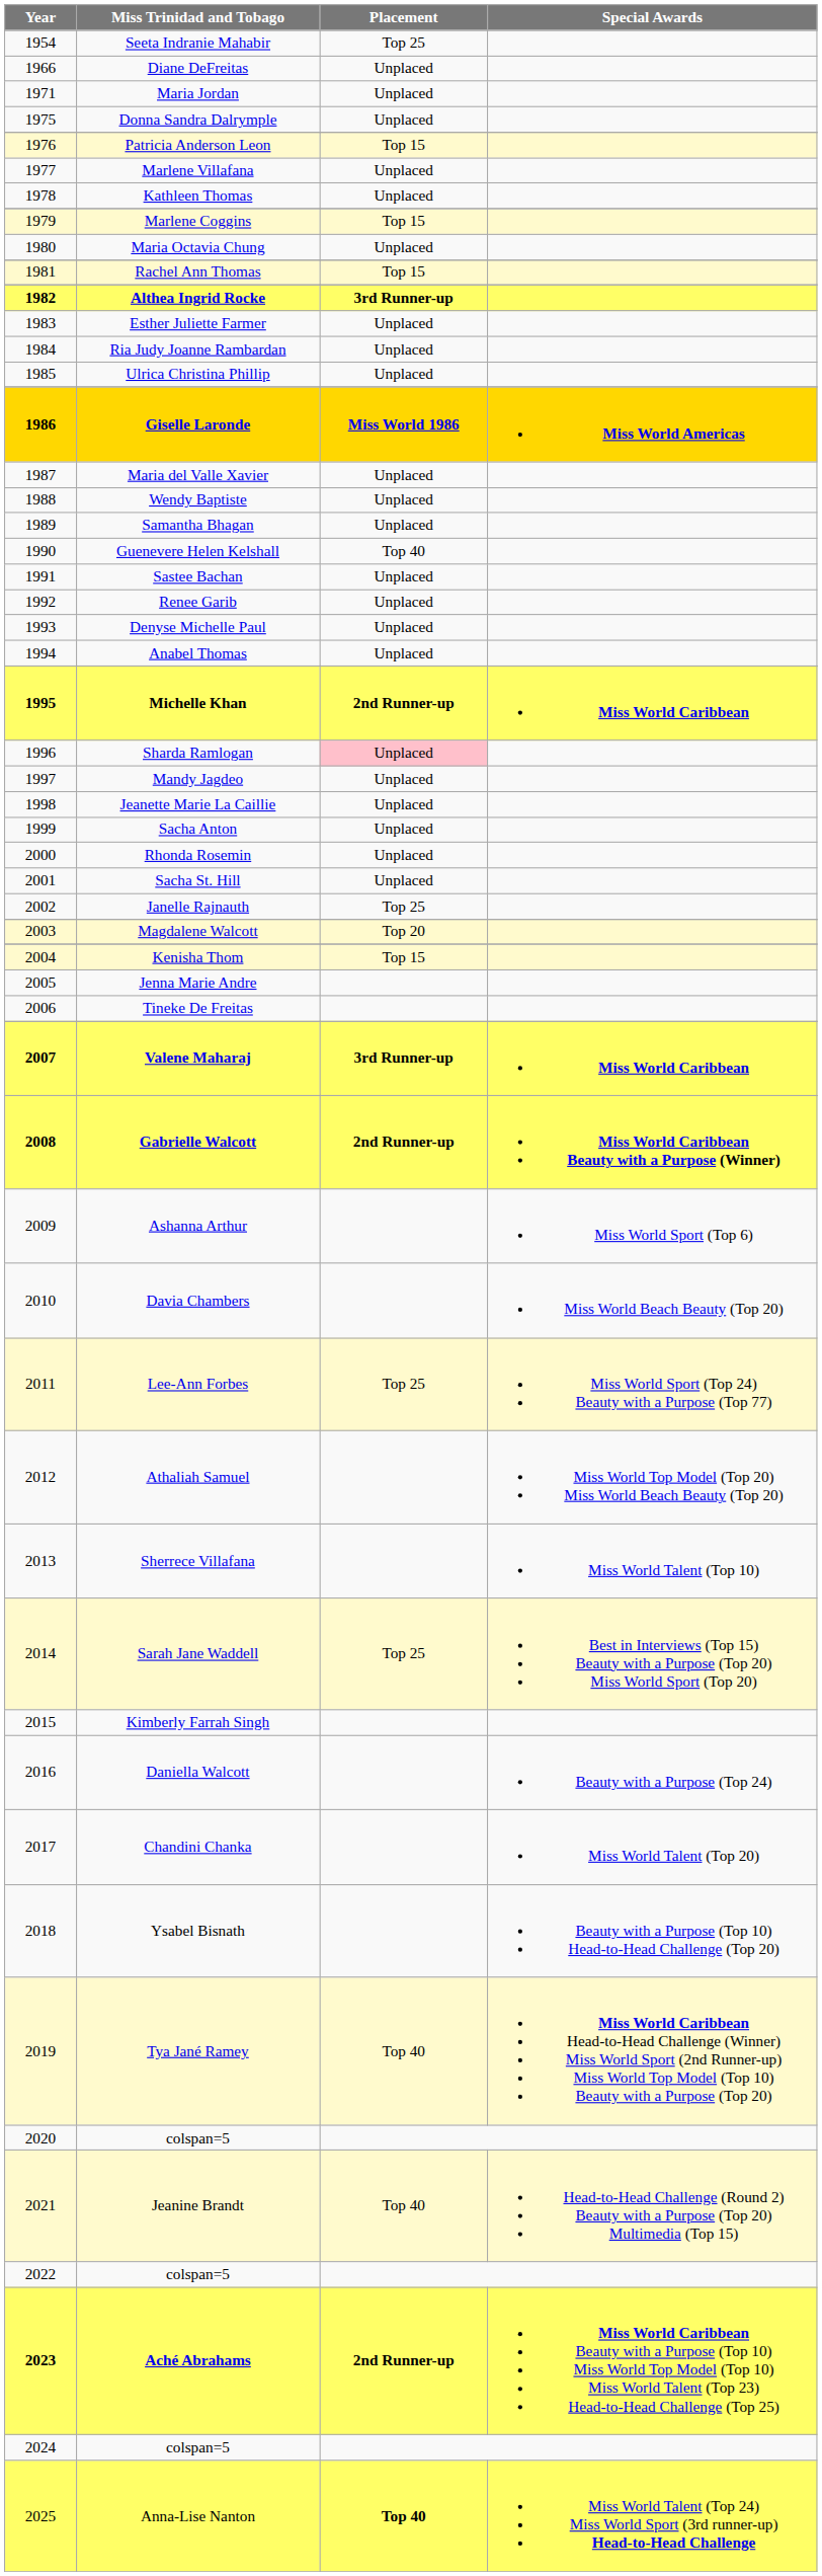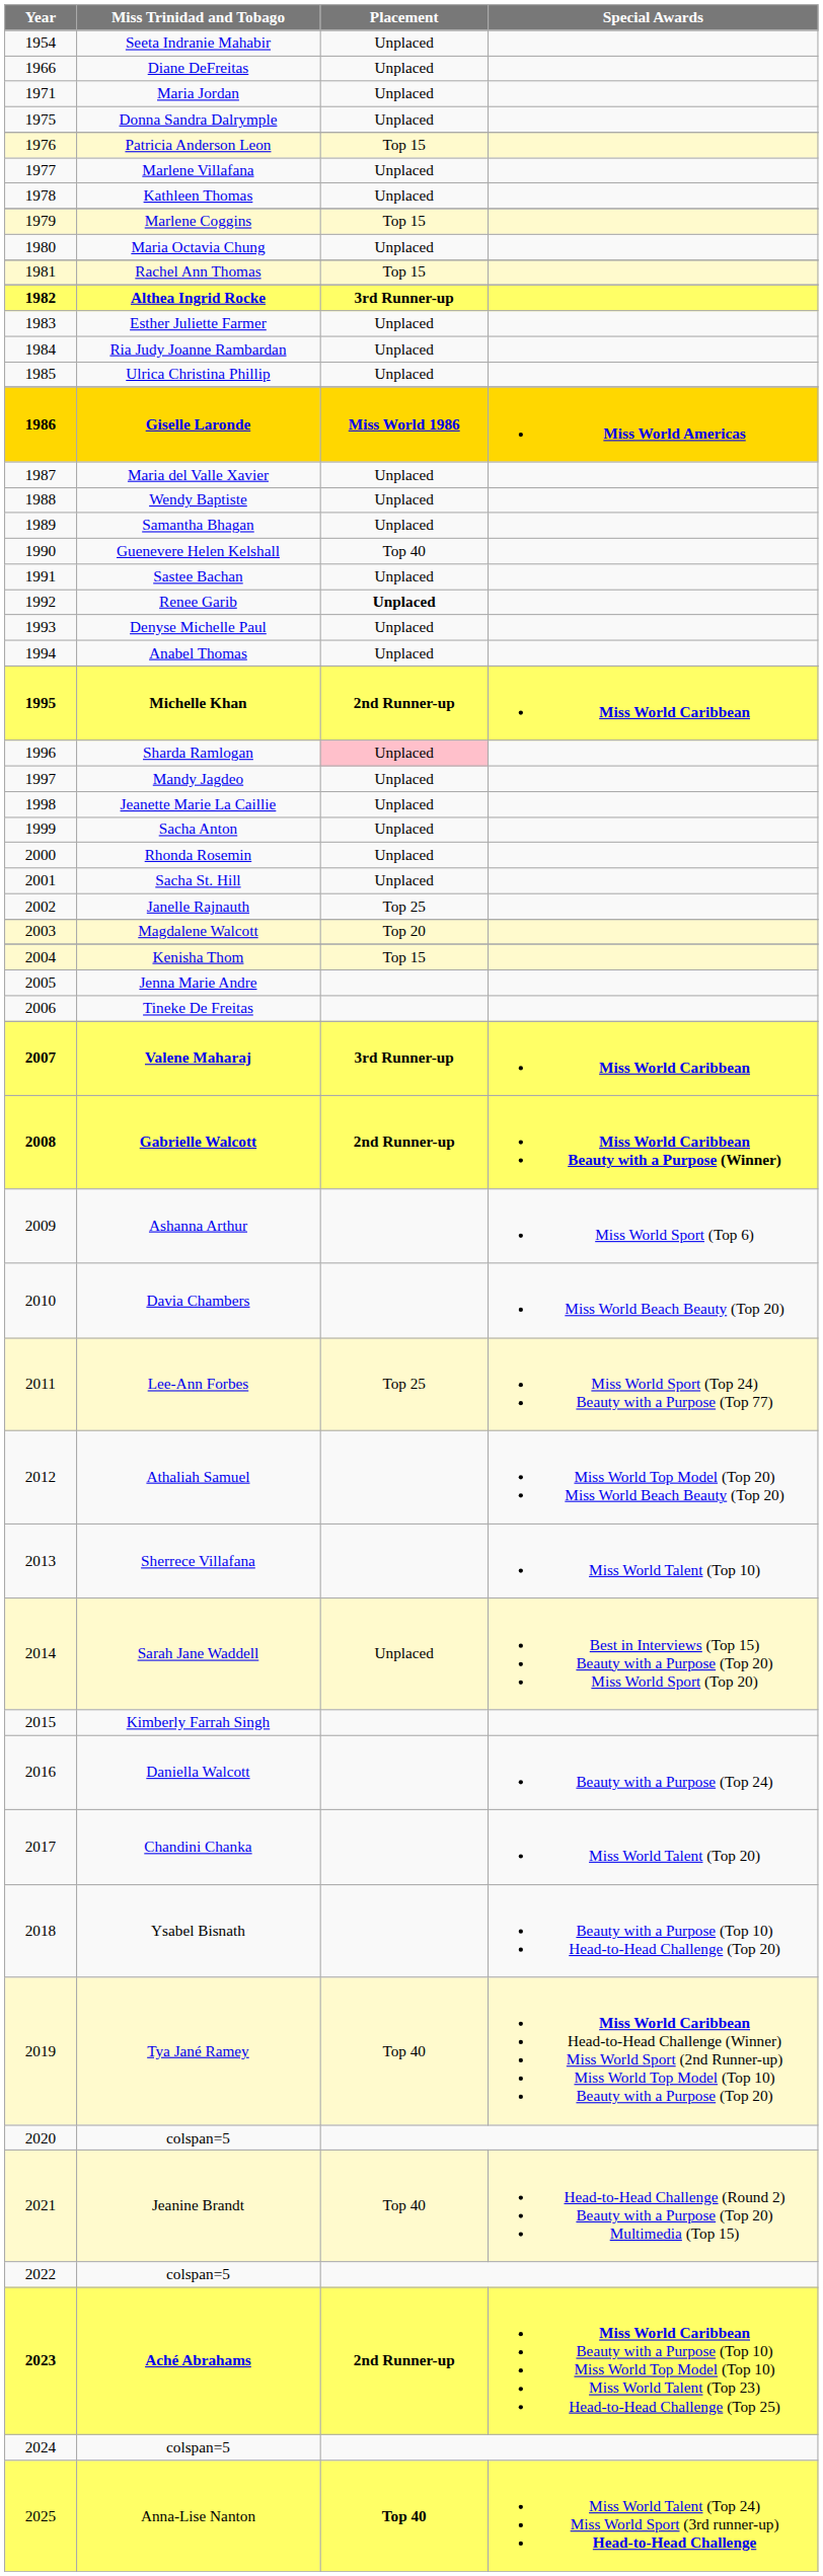 <table class="wikitable sortable" style="font-size: 90%; text-align:center">
 <tr>
 <th width="60" style="background-color:#787878;color:#FFFFFF;">Year</th>
 <th width="220" style="background-color:#787878;color:#FFFFFF;">Miss Trinidad and Tobago</th>
 <th width="150" style="background-color:#787878;color:#FFFFFF;">Placement</th>
 <th width="300" style="background-color:#787878;color:#FFFFFF;">Special Awards</th>
 </tr>
 <tr>
 </tr>
 <tr style="background-color:##C0C0C0">
 <td>1954</td>
 <td><a href='#'>Seeta Indranie Mahabir</a></td>
-<td>Top 25</td>
+<td>Unplaced</td>
 <td></td>
 </tr>
 <tr>
 <td>1966</td>
 <td><a href='#'>Diane DeFreitas</a></td>
 <td>Unplaced</td>
 <td></td>
 </tr>
 <tr>
 <td>1971</td>
 <td><a href='#'>Maria Jordan</a></td>
 <td>Unplaced</td>
 <td></td>
 </tr>
 <tr>
 <td>1975</td>
 <td><a href='#'>Donna Sandra Dalrymple</a></td>
 <td>Unplaced</td>
 <td></td>
 </tr>
 <tr>
 </tr>
 <tr style="background-color:#FFFACD">
 <td>1976</td>
 <td><a href='#'>Patricia Anderson Leon</a></td>
 <td>Top 15</td>
 <td></td>
 </tr>
 <tr>
 <td>1977</td>
 <td><a href='#'>Marlene Villafana</a></td>
 <td>Unplaced</td>
 <td></td>
 </tr>
 <tr>
 <td>1978</td>
 <td><a href='#'>Kathleen Thomas</a></td>
 <td>Unplaced</td>
 <td></td>
 </tr>
 <tr>
 </tr>
 <tr style="background-color:#FFFACD">
 <td>1979</td>
 <td><a href='#'>Marlene Coggins</a></td>
 <td>Top 15</td>
 <td></td>
 </tr>
 <tr>
 <td>1980</td>
 <td><a href='#'>Maria Octavia Chung</a></td>
 <td>Unplaced</td>
 <td></td>
 </tr>
 <tr>
 </tr>
 <tr style="background-color:#FFFACD">
 <td>1981</td>
 <td><a href='#'>Rachel Ann Thomas</a></td>
 <td>Top 15</td>
 <td></td>
 </tr>
 <tr>
 </tr>
 <tr style="background-color:#FFFF66">
 <td><strong>1982</strong></td>
 <td><strong><a href='#'>Althea Ingrid Rocke</a></strong></td>
 <td><strong>3rd Runner-up</strong></td>
 <td></td>
 </tr>
 <tr>
 <td>1983</td>
 <td><a href='#'>Esther Juliette Farmer</a></td>
 <td>Unplaced</td>
 <td></td>
 </tr>
 <tr>
 <td>1984</td>
 <td><a href='#'>Ria Judy Joanne Rambardan</a></td>
 <td>Unplaced</td>
 <td></td>
 </tr>
 <tr>
 <td>1985</td>
 <td><a href='#'>Ulrica Christina Phillip</a></td>
 <td>Unplaced</td>
 <td></td>
 </tr>
 <tr>
 </tr>
 <tr style="background-color:Gold; font-weight: bold">
 <td>1986</td>
 <td><a href='#'>Giselle Laronde</a></td>
 <td><a href='#'>Miss World 1986</a></td>
 <td><br><ul><li><a href='#'>Miss World Americas</a></li></ul></td>
 </tr>
 <tr>
 <td>1987</td>
 <td><a href='#'>Maria del Valle Xavier</a></td>
 <td>Unplaced</td>
 <td></td>
 </tr>
 <tr>
 <td>1988</td>
 <td><a href='#'>Wendy Baptiste</a></td>
 <td>Unplaced</td>
 <td></td>
 </tr>
 <tr>
 <td>1989</td>
 <td><a href='#'>Samantha Bhagan</a></td>
 <td>Unplaced</td>
 <td></td>
 </tr>
 <tr>
 <td>1990</td>
 <td><a href='#'>Guenevere Helen Kelshall</a></td>
 <td>Top 40</td>
 <td></td>
 </tr>
 <tr>
 <td>1991</td>
 <td><a href='#'>Sastee Bachan</a></td>
 <td>Unplaced</td>
 <td></td>
 </tr>
 <tr>
 <td>1992</td>
 <td><a href='#'>Renee Garib</a></td>
-<td>Unplaced</td>
+<td><strong>Unplaced</strong></td>
 <td></td>
 </tr>
 <tr>
 <td>1993</td>
 <td><a href='#'>Denyse Michelle Paul</a></td>
 <td>Unplaced</td>
 <td></td>
 </tr>
 <tr>
 <td>1994</td>
 <td><a href='#'>Anabel Thomas</a></td>
 <td>Unplaced</td>
 <td></td>
 </tr>
 <tr>
 </tr>
 <tr style="background-color:#FFFF66">
 <td><strong>1995</strong></td>
 <td><strong>Michelle Khan</strong></td>
 <td><strong>2nd Runner-up</strong></td>
 <td><br><ul><li><strong><a href='#'>Miss World Caribbean</a></strong></li></ul></td>
 </tr>
 <tr>
 <td>1996</td>
 <td><a href='#'>Sharda Ramlogan</a></td>
 <td style="background: pink;">Unplaced</td>
 <td></td>
 </tr>
 <tr>
 <td>1997</td>
 <td><a href='#'>Mandy Jagdeo</a></td>
 <td>Unplaced</td>
 <td></td>
 </tr>
 <tr>
 <td>1998</td>
 <td><a href='#'>Jeanette Marie La Caillie</a></td>
 <td>Unplaced</td>
 <td></td>
 </tr>
 <tr>
 <td>1999</td>
 <td><a href='#'>Sacha Anton</a></td>
 <td>Unplaced</td>
 <td></td>
 </tr>
 <tr>
 <td>2000</td>
 <td><a href='#'>Rhonda Rosemin</a></td>
 <td>Unplaced</td>
 <td></td>
 </tr>
 <tr>
 <td>2001</td>
 <td><a href='#'>Sacha St. Hill</a></td>
 <td>Unplaced</td>
 <td></td>
 </tr>
 <tr>
 <td>2002</td>
 <td><a href='#'>Janelle Rajnauth</a></td>
 <td>Top 25</td>
 <td></td>
 </tr>
 <tr>
 </tr>
 <tr style="background-color:#FFFACD">
 <td>2003</td>
 <td><a href='#'>Magdalene Walcott</a></td>
 <td>Top 20</td>
 <td></td>
 </tr>
 <tr>
 </tr>
 <tr style="background-color:#FFFACD">
 <td>2004</td>
 <td><a href='#'>Kenisha Thom</a></td>
 <td>Top 15</td>
 <td></td>
 </tr>
 <tr>
 <td>2005</td>
 <td><a href='#'>Jenna Marie Andre</a></td>
 <td></td>
 <td></td>
 </tr>
 <tr>
 <td>2006</td>
 <td><a href='#'>Tineke De Freitas</a></td>
 <td></td>
 <td></td>
 </tr>
 <tr>
 </tr>
 <tr style="background-color:#FFFF66">
 <td><strong>2007</strong></td>
 <td><strong><a href='#'>Valene Maharaj</a></strong></td>
 <td><strong>3rd Runner-up</strong></td>
 <td><br><ul><li><strong><a href='#'>Miss World Caribbean</a></strong></li></ul></td>
 </tr>
 <tr>
 </tr>
 <tr style="background-color:#FFFF66">
 <td><strong>2008</strong></td>
 <td><strong><a href='#'>Gabrielle Walcott</a></strong></td>
 <td><strong>2nd Runner-up</strong></td>
 <td><br><ul><li><strong><a href='#'>Miss World Caribbean</a></strong></li><li><strong><a href='#'>Beauty with a Purpose</a> (Winner)</strong></li></ul></td>
 </tr>
 <tr>
 <td>2009</td>
 <td><a href='#'>Ashanna Arthur</a></td>
 <td></td>
 <td><br><ul><li><a href='#'>Miss World Sport</a> (Top 6)</li></ul></td>
 </tr>
 <tr>
 <td>2010</td>
 <td><a href='#'>Davia Chambers</a></td>
 <td></td>
 <td><br><ul><li><a href='#'>Miss World Beach Beauty</a> (Top 20)</li></ul></td>
 </tr>
 <tr style="background-color:#FFFACD">
 <td>2011</td>
 <td><a href='#'>Lee-Ann Forbes</a></td>
 <td>Top 25</td>
 <td><br><ul><li><a href='#'>Miss World Sport</a> (Top 24)</li><li><a href='#'>Beauty with a Purpose</a> (Top 77)</li></ul></td>
 </tr>
 <tr>
 <td>2012</td>
 <td><a href='#'>Athaliah Samuel</a></td>
 <td></td>
 <td><br><ul><li><a href='#'>Miss World Top Model</a> (Top 20)</li><li><a href='#'>Miss World Beach Beauty</a> (Top 20)</li></ul></td>
 </tr>
 <tr>
 <td>2013</td>
 <td><a href='#'>Sherrece Villafana</a></td>
 <td></td>
 <td><br><ul><li><a href='#'>Miss World Talent</a> (Top 10)</li></ul></td>
 </tr>
 <tr style="background-color:#FFFACD;">
 <td>2014</td>
 <td><a href='#'>Sarah Jane Waddell</a></td>
-<td>Top 25</td>
+<td>Unplaced</td>
 <td><br><ul><li><a href='#'>Best in Interviews</a> (Top 15)</li><li><a href='#'>Beauty with a Purpose</a> (Top 20)</li><li><a href='#'>Miss World Sport</a> (Top 20)</li></ul></td>
 </tr>
 <tr>
 <td>2015</td>
 <td><a href='#'>Kimberly Farrah Singh</a></td>
 <td></td>
 <td></td>
 </tr>
 <tr>
 <td>2016</td>
 <td><a href='#'>Daniella Walcott</a></td>
 <td></td>
 <td><br><ul><li><a href='#'>Beauty with a Purpose</a> (Top 24)</li></ul></td>
 </tr>
 <tr>
 <td>2017</td>
 <td><a href='#'>Chandini Chanka</a></td>
 <td></td>
 <td><br><ul><li><a href='#'>Miss World Talent</a> (Top 20)</li></ul></td>
 </tr>
 <tr>
 <td>2018</td>
 <td>Ysabel Bisnath</td>
 <td></td>
 <td><br><ul><li><a href='#'>Beauty with a Purpose</a> (Top 10)</li><li><a href='#'>Head-to-Head Challenge</a> (Top 20)</li></ul></td>
 </tr>
 <tr style="background-color:#FFFACD">
 <td>2019</td>
 <td><a href='#'>Tya Jané Ramey</a></td>
 <td>Top 40</td>
 <td><br><ul><li><strong><a href='#'>Miss World Caribbean</a></strong></li><li>Head-to-Head Challenge (Winner)</li><li><a href='#'>Miss World Sport</a> (2nd Runner-up)</li><li><a href='#'>Miss World Top Model</a> (Top 10)</li><li><a href='#'>Beauty with a Purpose</a> (Top 20)</li></ul></td>
 </tr>
 <tr>
 <td>2020</td>
 <td>colspan=5 </td>
 </tr>
 <tr style="background-color:#FFFACD">
 <td>2021</td>
 <td>Jeanine Brandt</td>
 <td>Top 40</td>
 <td><br><ul><li><a href='#'>Head-to-Head Challenge</a> (Round 2)</li><li><a href='#'>Beauty with a Purpose</a> (Top 20)</li><li><a href='#'>Multimedia</a> (Top 15)</li></ul></td>
 </tr>
 <tr>
 <td>2022</td>
 <td>colspan=5 </td>
 </tr>
 <tr style="background-color:#FFFF66">
 <td><strong>2023</strong></td>
 <td><strong><a href='#'>Aché Abrahams</a></strong></td>
 <td><strong>2nd Runner-up</strong></td>
 <td><br><ul><li><strong><a href='#'>Miss World Caribbean</a></strong></li><li><a href='#'>Beauty with a Purpose</a> (Top 10)</li><li><a href='#'>Miss World Top Model</a> (Top 10)</li><li><a href='#'>Miss World Talent</a> (Top 23)</li><li><a href='#'>Head-to-Head Challenge</a> (Top 25)</li></ul></td>
 </tr>
 <tr>
 <td>2024</td>
 <td>colspan=5 </td>
 </tr>
 <tr style="background-color:#FFFF66">
 <td>2025</td>
 <td>Anna-Lise Nanton</td>
 <td><strong>Top 40</strong></td>
 <td><br><ul><li><a href='#'>Miss World Talent</a> (Top 24)</li><li><a href='#'>Miss World Sport</a> (3rd runner-up)</li><li><strong><a href='#'>Head-to-Head Challenge</a></strong></li></ul></td>
 </tr>
 <tr>
 </tr>
 </table>
